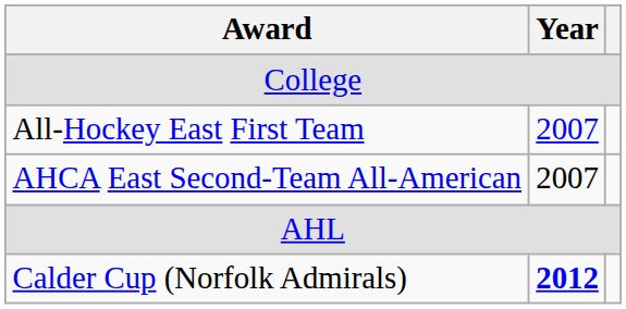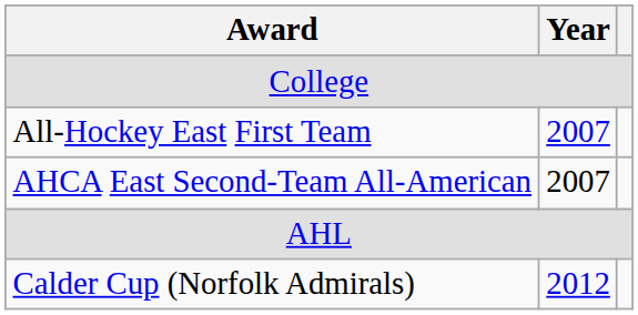 <table class="wikitable">
 <tr>
 <th>Award</th>
 <th>Year</th>
 <th></th>
 </tr>
 <tr ALIGN="center" bgcolor="#e0e0e0">
 <td colspan="3"><a href='#'>College</a></td>
 </tr>
 <tr>
 <td>All-<a href='#'>Hockey East</a> <a href='#'>First Team</a></td>
 <td><a href='#'>2007</a></td>
 <td></td>
 </tr>
 <tr>
 <td><a href='#'>AHCA</a> <a href='#'>East Second-Team All-American</a></td>
 <td>2007</td>
 <td></td>
 </tr>
 <tr ALIGN="center" bgcolor="#e0e0e0">
 <td colspan="3"><a href='#'>AHL</a></td>
 </tr>
 <tr>
 <td><a href='#'>Calder Cup</a> (Norfolk Admirals)</td>
-<td><strong><a href='#'>2012</a></strong></td>
+<td><a href='#'>2012</a></td>
 <td></td>
 </tr>
 </table>
